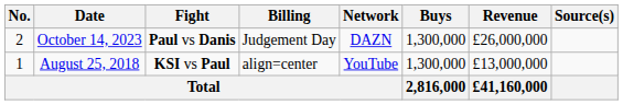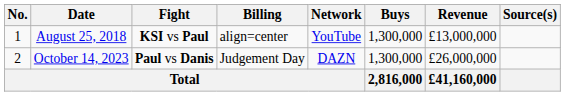 <table class="wikitable sortable">
 <tr>
 <th>No.</th>
 <th>Date</th>
 <th>Fight</th>
 <th>Billing</th>
 <th>Network</th>
 <th>Buys</th>
 <th>Revenue</th>
 <th>Source(s)</th>
 </tr>
 <tr>
+<td align=center>1</td>
+<td align=center><a href='#'>August 25, 2018</a></td>
+<td align=center><strong>KSI</strong> vs <strong>Paul</strong></td>
+<td>align=center </td>
+<td align=center><a href='#'>YouTube</a></td>
+<td align=center>1,300,000</td>
+<td align=center>£13,000,000</td>
+<td align=center></td>
+</tr>
+<tr>
 <td align="center">2</td>
 <td align="center"><a href='#'>October 14, 2023</a></td>
 <td align="center"><strong>Paul</strong> vs <strong>Danis</strong></td>
 <td align="center">Judgement Day</td>
 <td align="center"><a href='#'>DAZN</a></td>
 <td align="center">1,300,000</td>
 <td align="center">£26,000,000</td>
 <td align="center"></td>
 </tr>
 <tr>
-<td align=center>1</td>
-<td align=center><a href='#'>August 25, 2018</a></td>
-<td align=center><strong>KSI</strong> vs <strong>Paul</strong></td>
-<td>align=center </td>
-<td align=center><a href='#'>YouTube</a></td>
-<td align=center>1,300,000</td>
-<td align=center>£13,000,000</td>
-<td align=center></td>
-</tr>
-<tr>
 <th colspan="5">Total</th>
 <th>2,816,000</th>
 <th>£41,160,000</th>
 <th></th>
 </tr>
 </table>
